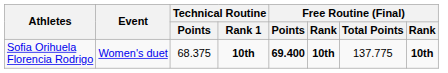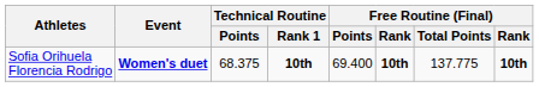 <table class=wikitable style="font-size:90%">
 <tr>
 <th rowspan="2">Athletes</th>
 <th rowspan="2">Event</th>
 <th colspan="2">Technical Routine</th>
 <th colspan="4">Free Routine (Final)</th>
 </tr>
 <tr>
 <th>Points</th>
 <th>Rank 1</th>
 <th>Points</th>
 <th>Rank</th>
 <th>Total Points</th>
 <th>Rank</th>
 </tr>
 <tr>
 <td><a href='#'>Sofia Orihuela</a><br><a href='#'>Florencia Rodrigo</a></td>
-<td><a href='#'>Women's duet</a></td>
+<td><strong><a href='#'>Women's duet</a></strong></td>
 <td align=center>68.375</td>
 <td align=center><strong>10th</strong></td>
-<td align=center><strong>69.400</strong></td>
+<td align=center>69.400</td>
 <td align=center><strong>10th</strong></td>
 <td align=center>137.775</td>
 <td align=center><strong>10th</strong></td>
 </tr>
 </table>
